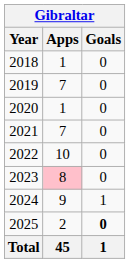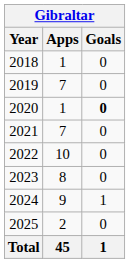 <table class="wikitable" style="text-align:center">
 <tr>
 <th colspan=3><a href='#'>Gibraltar</a></th>
 </tr>
 <tr>
 <th>Year</th>
 <th>Apps</th>
 <th>Goals</th>
 </tr>
 <tr>
 <td>2018</td>
 <td>1</td>
 <td>0</td>
 </tr>
 <tr>
 <td>2019</td>
 <td>7</td>
 <td>0</td>
 </tr>
 <tr>
 <td>2020</td>
 <td>1</td>
-<td>0</td>
+<td><strong>0</strong></td>
 </tr>
 <tr>
 <td>2021</td>
 <td>7</td>
 <td>0</td>
 </tr>
 <tr>
 <td>2022</td>
 <td>10</td>
 <td>0</td>
 </tr>
 <tr>
 <td>2023</td>
-<td style="background: pink;">8</td>
+<td>8</td>
 <td>0</td>
 </tr>
 <tr>
 <td>2024</td>
 <td>9</td>
 <td>1</td>
 </tr>
 <tr>
 <td>2025</td>
 <td>2</td>
-<td><strong>0</strong></td>
+<td>0</td>
 </tr>
 <tr>
 <th>Total</th>
 <th>45</th>
 <th>1</th>
 </tr>
 </table>
